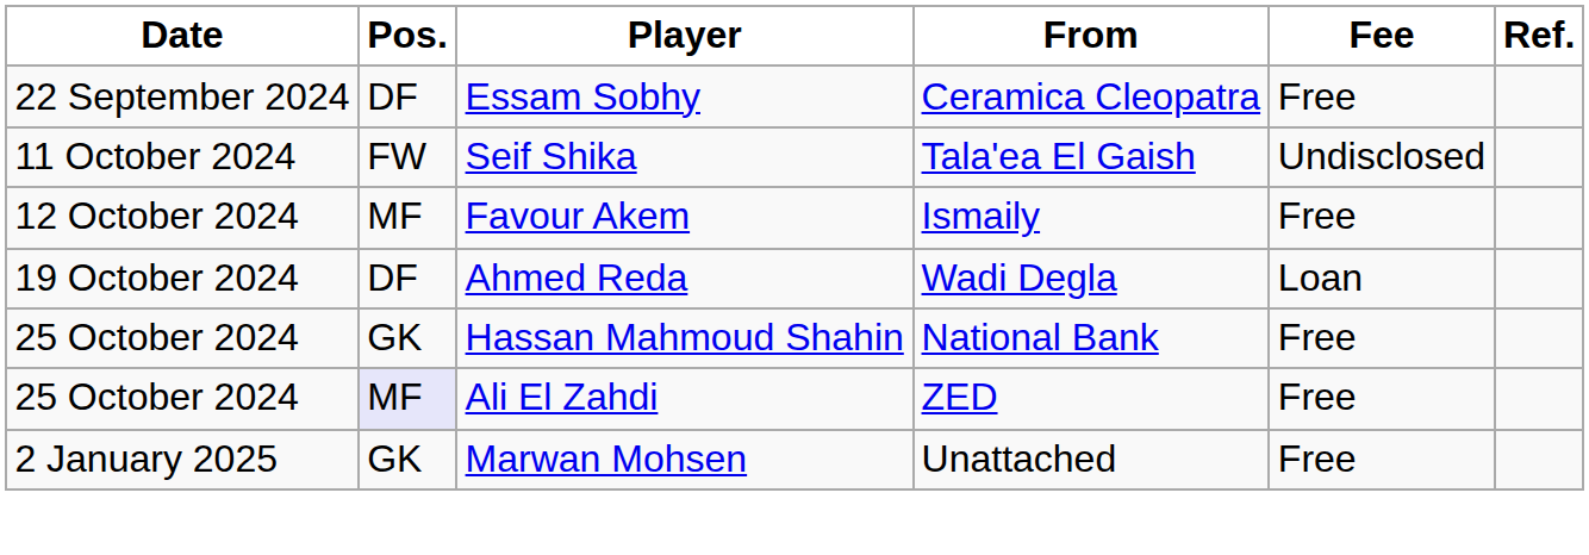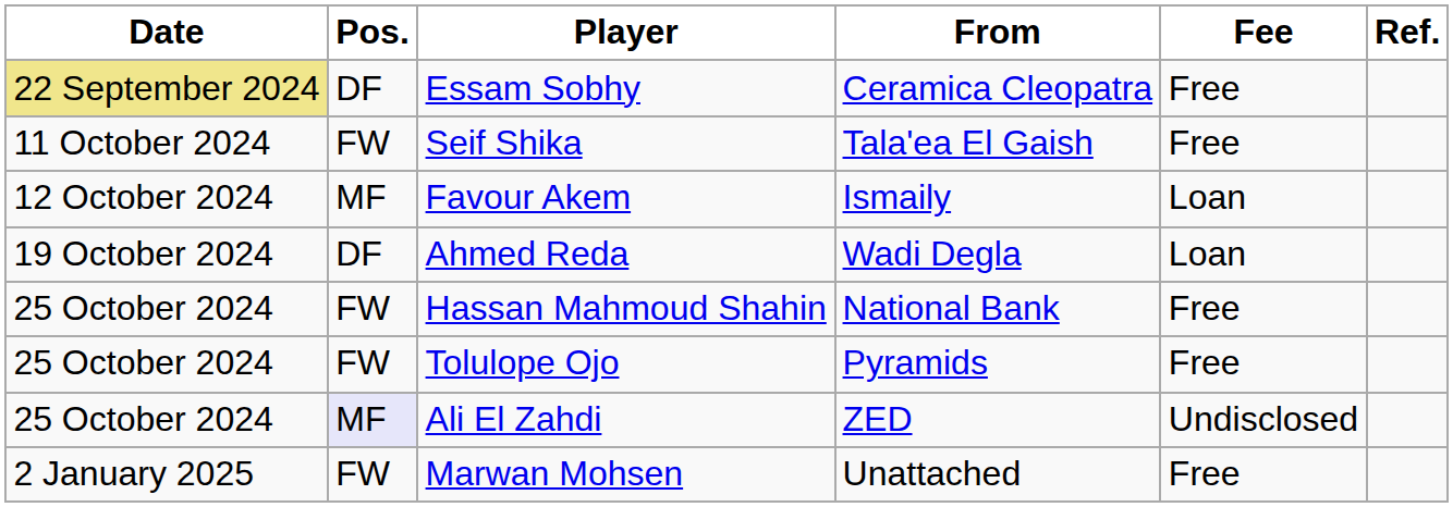 <table class="wikitable plainrowheaders sortable">
 <tr>
 <th style="background:#ffffff; color:#000000; ">Date</th>
 <th style="background:#ffffff; color:#000000; ">Pos.</th>
 <th style="background:#ffffff; color:#000000; ">Player</th>
 <th style="background:#ffffff; color:#000000; ">From</th>
 <th style="background:#ffffff; color:#000000; ">Fee</th>
 <th style="background:#ffffff; color:#000000; ">Ref.</th>
 </tr>
 <tr>
-<td>22 September 2024</td>
+<td style="background: khaki;">22 September 2024</td>
 <td>DF</td>
 <td> <a href='#'>Essam Sobhy</a></td>
 <td> <a href='#'>Ceramica Cleopatra</a></td>
 <td>Free</td>
 <td></td>
 </tr>
 <tr>
 <td>11 October 2024</td>
 <td>FW</td>
 <td> <a href='#'>Seif Shika</a></td>
 <td> <a href='#'>Tala'ea El Gaish</a></td>
-<td>Undisclosed</td>
+<td>Free</td>
 <td></td>
 </tr>
 <tr>
 <td>12 October 2024</td>
 <td>MF</td>
 <td> <a href='#'>Favour Akem</a></td>
 <td> <a href='#'>Ismaily</a></td>
-<td>Free</td>
+<td>Loan</td>
 <td></td>
 </tr>
 <tr>
 <td>19 October 2024</td>
 <td>DF</td>
 <td> <a href='#'>Ahmed Reda</a></td>
 <td> <a href='#'>Wadi Degla</a></td>
 <td>Loan</td>
 <td></td>
 </tr>
 <tr>
 <td>25 October 2024</td>
-<td>GK</td>
+<td>FW</td>
 <td> <a href='#'>Hassan Mahmoud Shahin</a></td>
 <td> <a href='#'>National Bank</a></td>
+<td>Free</td>
+<td></td>
+</tr>
+<tr>
+<td>25 October 2024</td>
+<td>FW</td>
+<td> <a href='#'>Tolulope Ojo</a></td>
+<td> <a href='#'>Pyramids</a></td>
 <td>Free</td>
 <td></td>
 </tr>
 <tr>
 <td>25 October 2024</td>
 <td style="background: lavender;">MF</td>
 <td> <a href='#'>Ali El Zahdi</a></td>
 <td> <a href='#'>ZED</a></td>
-<td>Free</td>
+<td>Undisclosed</td>
 <td></td>
 </tr>
 <tr>
 <td>2 January 2025</td>
-<td>GK</td>
+<td>FW</td>
 <td> <a href='#'>Marwan Mohsen</a></td>
 <td>Unattached</td>
 <td>Free</td>
 <td></td>
 </tr>
 </table>
